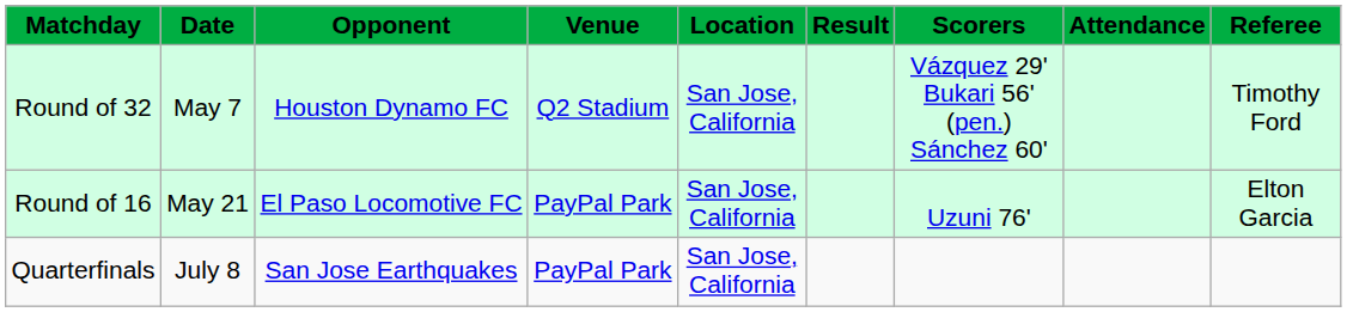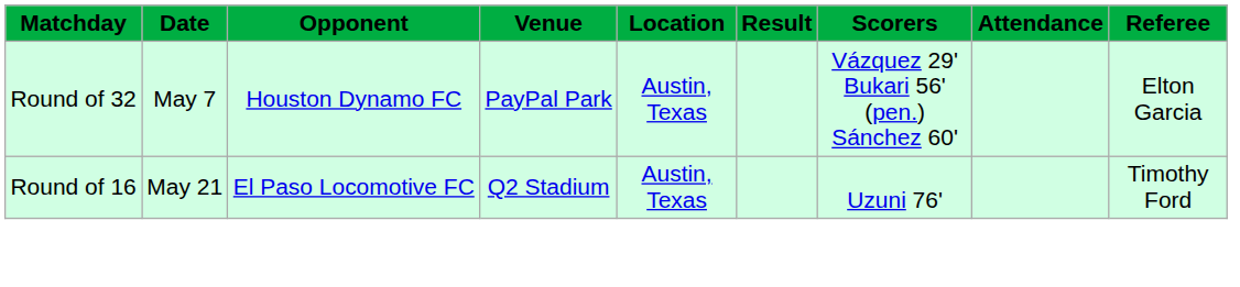 <table class="wikitable" style="text-align:center">
 <tr>
 <th style="background:#00AE42; color:black;">Matchday</th>
 <th style="background:#00AE42; color:black;">Date</th>
 <th style="background:#00AE42; color:black;">Opponent</th>
 <th style="background:#00AE42; color:black;">Venue</th>
 <th style="background:#00AE42; color:black; width:75px">Location</th>
 <th style="background:#00AE42; color:black;">Result</th>
 <th style="background:#00AE42; color:black; width:100px">Scorers</th>
 <th style="background:#00AE42; color:black;">Attendance</th>
 <th style="background:#00AE42; color:black; width:75px">Referee</th>
 </tr>
 <tr bgcolor = d0ffe3>
 <td>Round of 32</td>
 <td>May 7</td>
 <td align="center"><a href='#'>Houston Dynamo FC</a></td>
-<td><a href='#'>Q2 Stadium</a></td>
-<td><a href='#'>San Jose, California</a></td>
+<td><a href='#'>PayPal Park</a></td>
+<td><a href='#'>Austin, Texas</a></td>
 <td></td>
 <td><a href='#'>Vázquez</a> 29'<br><a href='#'>Bukari</a> 56' (<a href='#'>pen.</a>)<br><a href='#'>Sánchez</a> 60'</td>
 <td></td>
-<td align="center">Timothy Ford</td>
+<td align="center">Elton Garcia</td>
 </tr>
 <tr bgcolor = d0ffe3>
 <td>Round of 16</td>
 <td>May 21</td>
 <td align="center"><a href='#'>El Paso Locomotive FC</a></td>
-<td><a href='#'>PayPal Park</a></td>
-<td><a href='#'>San Jose, California</a></td>
+<td><a href='#'>Q2 Stadium</a></td>
+<td><a href='#'>Austin, Texas</a></td>
 <td></td>
 <td><br><a href='#'>Uzuni</a> 76'</td>
 <td></td>
-<td align="center">Elton Garcia</td>
-</tr>
-<tr bgcolor =>
-<td>Quarterfinals</td>
-<td>July 8</td>
-<td align="center"><a href='#'>San Jose Earthquakes</a></td>
-<td><a href='#'>PayPal Park</a></td>
-<td><a href='#'>San Jose, California</a></td>
-<td></td>
-<td></td>
-<td></td>
-<td align="center"></td>
+<td align="center">Timothy Ford</td>
 </tr>
 </table>
